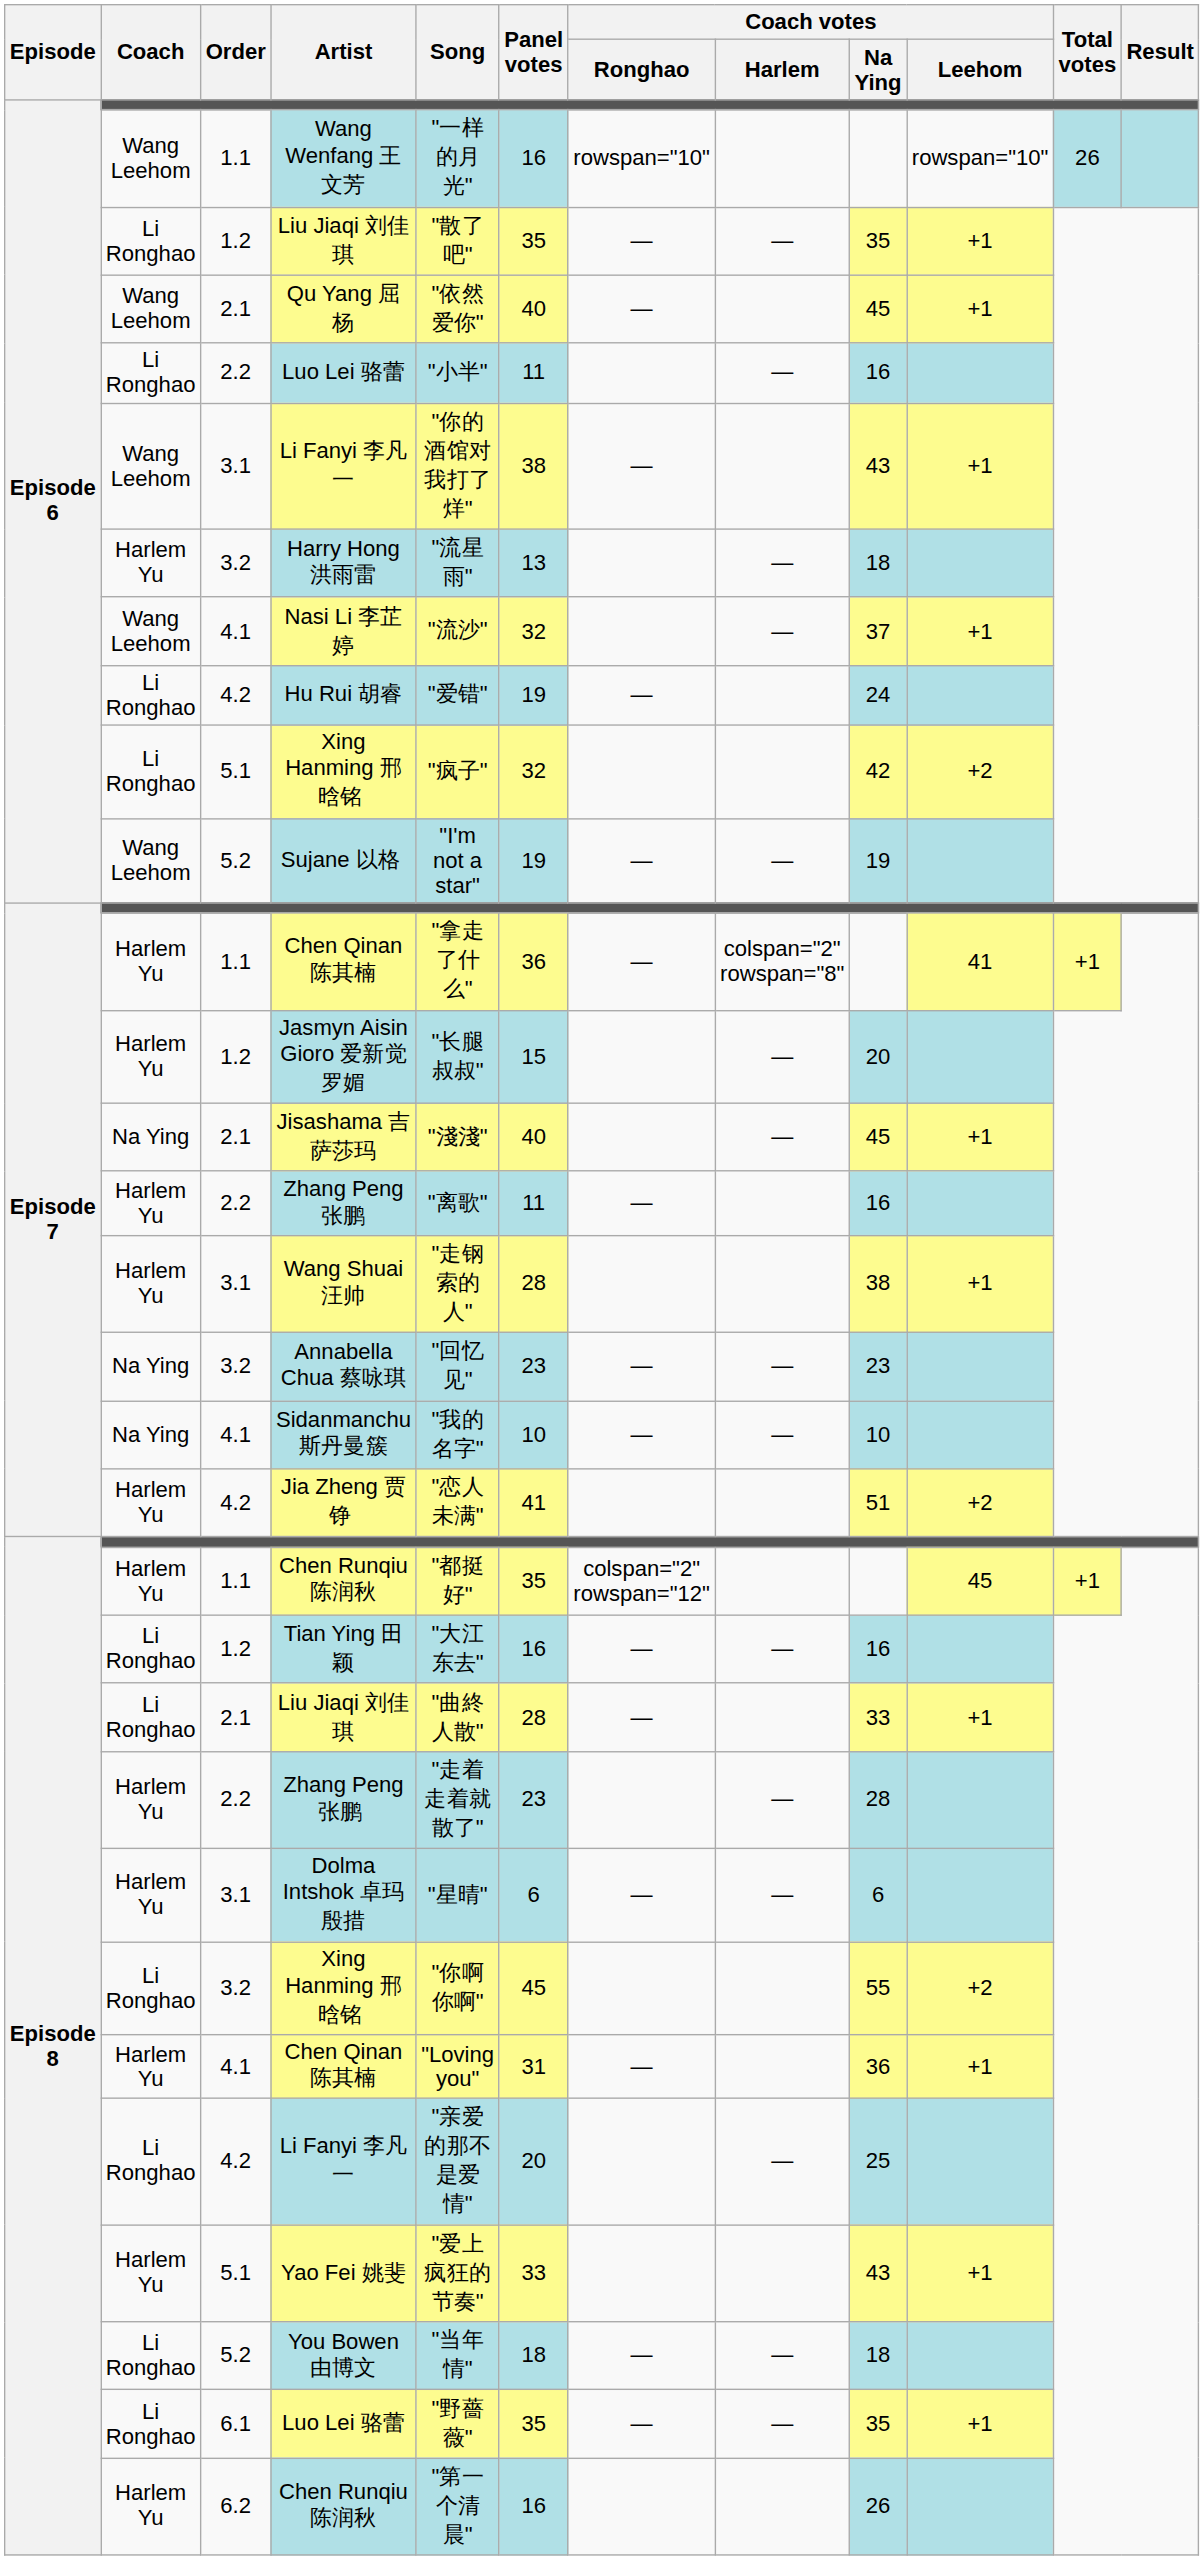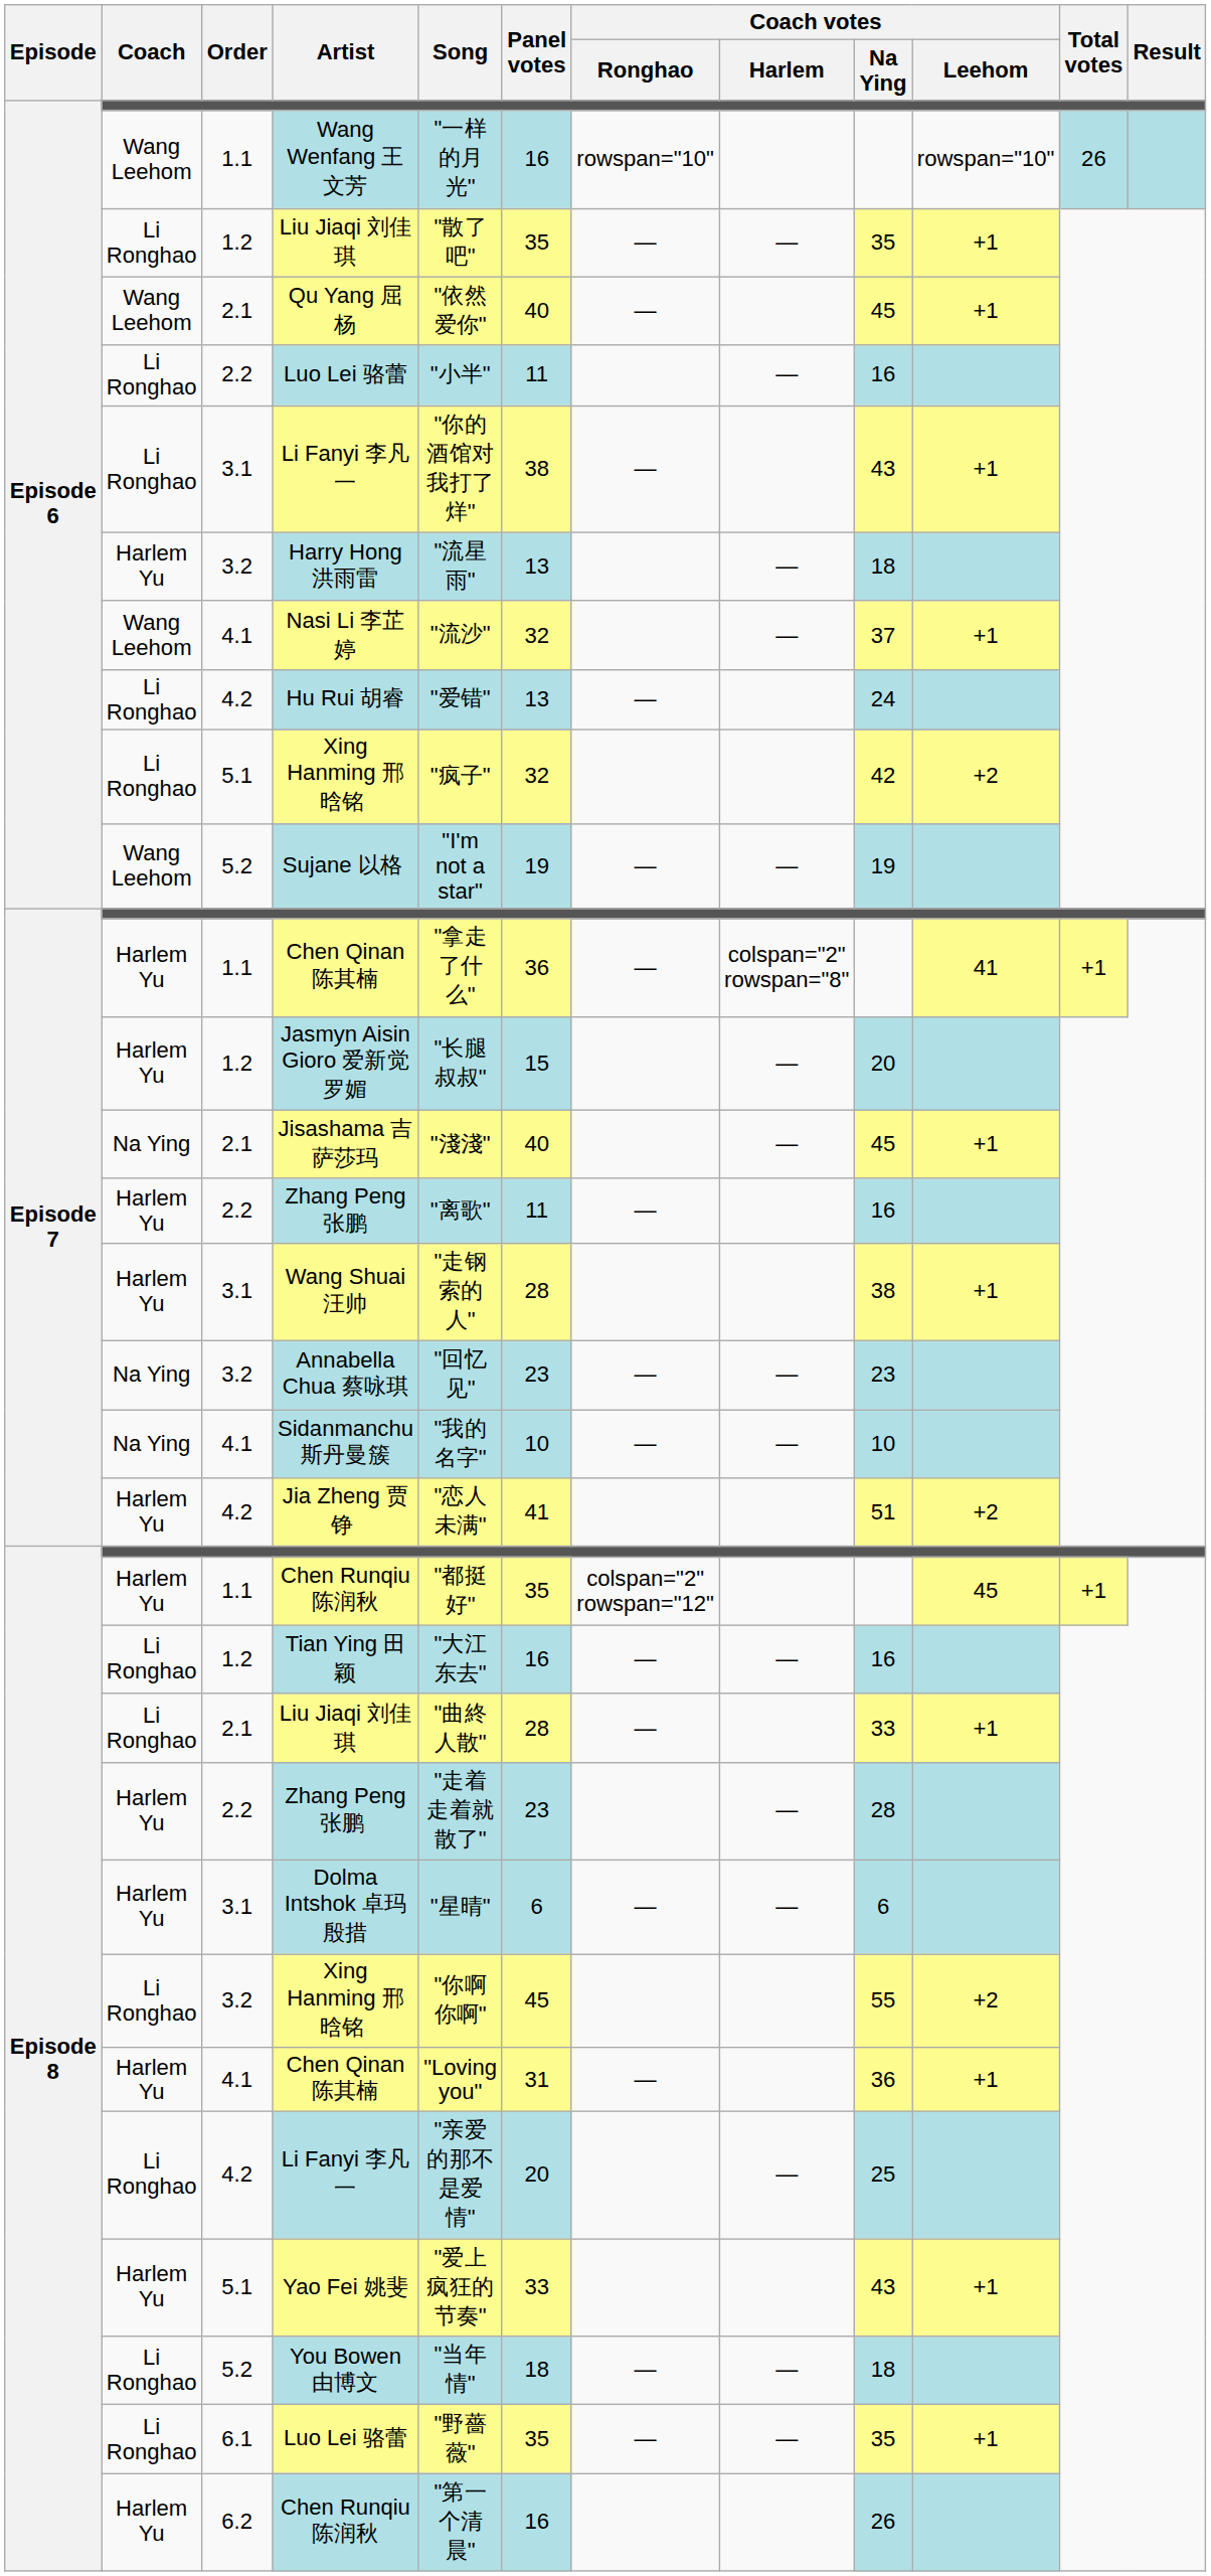 <table class="wikitable" style="text-align:center; width:100%;">
 <tr>
 <th rowspan=2 style="width:10%;">Episode</th>
 <th rowspan=2 style="width:11%;">Coach</th>
 <th rowspan=2 style="width:3%;">Order</th>
 <th rowspan=2 style="width:16%;">Artist</th>
 <th rowspan=2 style="width:19%;">Song</th>
 <th rowspan=2 style="width:5%;">Panel votes</th>
 <th colspan="4" style="width:20%;">Coach votes</th>
 <th rowspan=2 style="width:6%;">Total votes</th>
 <th rowspan=2 style="width:10%;">Result</th>
 </tr>
 <tr>
 <th style="width:5%;">Ronghao</th>
 <th style="width:5%;">Harlem</th>
 <th style="width:5%;">Na Ying</th>
 <th style="width:5%;">Leehom</th>
 </tr>
 <tr>
 <th rowspan="11" scope="row">Episode 6<br><small></small></th>
 <td colspan="11" style="background:#555;"></td>
 </tr>
 <tr>
 <td>Wang Leehom</td>
 <td>1.1</td>
 <td style="background:#B0E0E6">Wang Wenfang 王文芳<strong></strong></td>
 <td style="background:#B0E0E6">"一样的月光"</td>
 <td style="background:#B0E0E6">16</td>
 <td>rowspan="10" </td>
 <td><strong></strong></td>
 <td><strong></strong></td>
 <td>rowspan="10" </td>
 <td style="background:#B0E0E6">26</td>
 <td style="background:#B0E0E6"></td>
 </tr>
 <tr>
 <td>Li Ronghao</td>
 <td>1.2</td>
 <td style="background:#FDFC8F">Liu Jiaqi 刘佳琪<strong></strong></td>
 <td style="background:#FDFC8F">"散了吧"</td>
 <td style="background:#FDFC8F">35</td>
 <td>—</td>
 <td>—</td>
 <td style="background:#FDFC8F">35</td>
 <td style="background:#FDFC8F">+1</td>
 </tr>
 <tr>
 <td>Wang Leehom</td>
 <td>2.1</td>
 <td style="background:#FDFC8F">Qu Yang 屈杨<strong></strong></td>
 <td style="background:#FDFC8F">"依然爱你"</td>
 <td style="background:#FDFC8F">40</td>
 <td>—</td>
 <td><strong></strong></td>
 <td style="background:#FDFC8F">45</td>
 <td style="background:#FDFC8F">+1</td>
 </tr>
 <tr>
 <td>Li Ronghao</td>
 <td>2.2</td>
 <td style="background:#B0E0E6">Luo Lei 骆蕾<strong></strong></td>
 <td style="background:#B0E0E6">"小半"</td>
 <td style="background:#B0E0E6">11</td>
 <td><strong></strong></td>
 <td>—</td>
 <td style="background:#B0E0E6">16</td>
 <td style="background:#B0E0E6"></td>
 </tr>
 <tr>
-<td>Wang Leehom</td>
+<td>Li Ronghao</td>
 <td>3.1</td>
 <td style="background:#FDFC8F">Li Fanyi 李凡一<strong></strong></td>
 <td style="background:#FDFC8F">"你的酒馆对我打了烊"</td>
 <td style="background:#FDFC8F">38</td>
 <td>—</td>
 <td><strong></strong></td>
 <td style="background:#FDFC8F">43</td>
 <td style="background:#FDFC8F">+1</td>
 </tr>
 <tr>
 <td>Harlem Yu</td>
 <td>3.2</td>
 <td style="background:#B0E0E6">Harry Hong 洪雨雷<strong></strong></td>
 <td style="background:#B0E0E6">"流星雨"</td>
 <td style="background:#B0E0E6">13</td>
 <td><strong></strong></td>
 <td>—</td>
 <td style="background:#B0E0E6">18</td>
 <td style="background:#B0E0E6"></td>
 </tr>
 <tr>
 <td>Wang Leehom</td>
 <td>4.1</td>
 <td style="background:#FDFC8F">Nasi Li 李芷婷<strong></strong></td>
 <td style="background:#FDFC8F">"流沙"</td>
 <td style="background:#FDFC8F">32</td>
 <td><strong></strong></td>
 <td>—</td>
 <td style="background:#FDFC8F">37</td>
 <td style="background:#FDFC8F">+1</td>
 </tr>
 <tr>
 <td>Li Ronghao</td>
 <td>4.2</td>
 <td style="background:#B0E0E6">Hu Rui 胡睿<strong></strong></td>
 <td style="background:#B0E0E6">"爱错"</td>
-<td style="background:#B0E0E6">19</td>
+<td style="background:#B0E0E6">13</td>
 <td>—</td>
 <td><strong></strong></td>
 <td style="background:#B0E0E6">24</td>
 <td style="background:#B0E0E6"></td>
 </tr>
 <tr>
 <td>Li Ronghao</td>
 <td>5.1</td>
 <td style="background:#FDFC8F">Xing Hanming 邢晗铭 <strong></strong></td>
 <td style="background:#FDFC8F">"疯子"</td>
 <td style="background:#FDFC8F">32</td>
 <td><strong></strong></td>
 <td><strong></strong></td>
 <td style="background:#FDFC8F">42</td>
 <td style="background:#FDFC8F">+2</td>
 </tr>
 <tr>
 <td>Wang Leehom</td>
 <td>5.2</td>
 <td style="background:#B0E0E6">Sujane 以格 <strong></strong></td>
 <td style="background:#B0E0E6">"I'm not a star"</td>
 <td style="background:#B0E0E6">19</td>
 <td>—</td>
 <td>—</td>
 <td style="background:#B0E0E6">19</td>
 <td style="background:#B0E0E6"></td>
 </tr>
 <tr>
 <th rowspan="9" scope="row">Episode 7<br><small></small></th>
 <td colspan="11" style="background:#555;"></td>
 </tr>
 <tr>
 <td>Harlem Yu</td>
 <td>1.1</td>
 <td style="background:#FDFC8F">Chen Qinan 陈其楠<strong></strong></td>
 <td style="background:#FDFC8F">"拿走了什么"</td>
 <td style="background:#FDFC8F">36</td>
 <td>—</td>
 <td>colspan="2" rowspan="8" </td>
 <td><strong></strong></td>
 <td style="background:#FDFC8F">41</td>
 <td style="background:#FDFC8F">+1</td>
 </tr>
 <tr>
 <td>Harlem Yu</td>
 <td>1.2</td>
 <td style="background:#B0E0E6">Jasmyn Aisin Gioro 爱新觉罗媚<strong></strong></td>
 <td style="background:#B0E0E6">"长腿叔叔"</td>
 <td style="background:#B0E0E6">15</td>
 <td><strong></strong></td>
 <td>—</td>
 <td style="background:#B0E0E6">20</td>
 <td style="background:#B0E0E6"></td>
 </tr>
 <tr>
 <td>Na Ying</td>
 <td>2.1</td>
 <td style="background:#FDFC8F">Jisashama 吉萨莎玛<strong></strong></td>
 <td style="background:#FDFC8F">"淺淺"</td>
 <td style="background:#FDFC8F">40</td>
 <td><strong></strong></td>
 <td>—</td>
 <td style="background:#FDFC8F">45</td>
 <td style="background:#FDFC8F">+1</td>
 </tr>
 <tr>
 <td>Harlem Yu</td>
 <td>2.2</td>
 <td style="background:#B0E0E6">Zhang Peng 张鹏<strong></strong></td>
 <td style="background:#B0E0E6">"离歌"</td>
 <td style="background:#B0E0E6">11</td>
 <td>—</td>
 <td><strong></strong></td>
 <td style="background:#B0E0E6">16</td>
 <td style="background:#B0E0E6"></td>
 </tr>
 <tr>
 <td>Harlem Yu</td>
 <td>3.1</td>
 <td style="background:#FDFC8F">Wang Shuai 汪帅<strong></strong></td>
 <td style="background:#FDFC8F">"走钢索的人"</td>
 <td style="background:#FDFC8F">28</td>
 <td><strong></strong></td>
 <td><strong></strong></td>
 <td style="background:#FDFC8F">38</td>
 <td style="background:#FDFC8F">+1</td>
 </tr>
 <tr>
 <td>Na Ying</td>
 <td>3.2</td>
 <td style="background:#B0E0E6">Annabella Chua 蔡咏琪<strong></strong></td>
 <td style="background:#B0E0E6">"回忆见"</td>
 <td style="background:#B0E0E6">23</td>
 <td>—</td>
 <td>—</td>
 <td style="background:#B0E0E6">23</td>
 <td style="background:#B0E0E6"></td>
 </tr>
 <tr>
 <td>Na Ying</td>
 <td>4.1</td>
 <td style="background:#B0E0E6">Sidanmanchu 斯丹曼簇<strong></strong></td>
 <td style="background:#B0E0E6">"我的名字"</td>
 <td style="background:#B0E0E6">10</td>
 <td>—</td>
 <td>—</td>
 <td style="background:#B0E0E6">10</td>
 <td style="background:#B0E0E6"></td>
 </tr>
 <tr>
 <td>Harlem Yu</td>
 <td>4.2</td>
 <td style="background:#FDFC8F">Jia Zheng 贾铮 <strong></strong></td>
 <td style="background:#FDFC8F">"恋人未满"</td>
 <td style="background:#FDFC8F">41</td>
 <td><strong></strong></td>
 <td><strong></strong></td>
 <td style="background:#FDFC8F">51</td>
 <td style="background:#FDFC8F">+2</td>
 </tr>
 <tr>
 <th rowspan="17" scope="row">Episode 8<br><small></small></th>
 <td colspan="11" style="background:#555;"></td>
 </tr>
 <tr>
 <td>Harlem Yu</td>
 <td>1.1</td>
 <td style="background:#FDFC8F">Chen Runqiu 陈润秋<strong></strong></td>
 <td style="background:#FDFC8F">"都挺好"</td>
 <td style="background:#FDFC8F">35</td>
 <td>colspan="2" rowspan="12" </td>
 <td><strong></strong></td>
 <td><strong></strong></td>
 <td style="background:#FDFC8F">45</td>
 <td style="background:#FDFC8F">+1</td>
 </tr>
 <tr>
 <td>Li Ronghao</td>
 <td>1.2</td>
 <td style="background:#B0E0E6">Tian Ying 田颖<strong></strong></td>
 <td style="background:#B0E0E6">"大江东去"</td>
 <td style="background:#B0E0E6">16</td>
 <td>—</td>
 <td>—</td>
 <td style="background:#B0E0E6">16</td>
 <td style="background:#B0E0E6"></td>
 </tr>
 <tr>
 <td>Li Ronghao</td>
 <td>2.1</td>
 <td style="background:#FDFC8F">Liu Jiaqi 刘佳琪<strong></strong></td>
 <td style="background:#FDFC8F">"曲終人散"</td>
 <td style="background:#FDFC8F">28</td>
 <td>—</td>
 <td><strong></strong></td>
 <td style="background:#FDFC8F">33</td>
 <td style="background:#FDFC8F">+1</td>
 </tr>
 <tr>
 <td>Harlem Yu</td>
 <td>2.2</td>
 <td style="background:#B0E0E6">Zhang Peng 张鹏 <strong></strong></td>
 <td style="background:#B0E0E6">"走着走着就散了"</td>
 <td style="background:#B0E0E6">23</td>
 <td><strong></strong></td>
 <td>—</td>
 <td style="background:#B0E0E6">28</td>
 <td style="background:#B0E0E6"></td>
 </tr>
 <tr>
 <td>Harlem Yu</td>
 <td>3.1</td>
 <td style="background:#B0E0E6">Dolma Intshok 卓玛殷措<strong></strong></td>
 <td style="background:#B0E0E6">"星晴"</td>
 <td style="background:#B0E0E6">6</td>
 <td>—</td>
 <td>—</td>
 <td style="background:#B0E0E6">6</td>
 <td style="background:#B0E0E6"></td>
 </tr>
 <tr>
 <td>Li Ronghao</td>
 <td>3.2</td>
 <td style="background:#FDFC8F">Xing Hanming 邢晗铭 <strong></strong></td>
 <td style="background:#FDFC8F">"你啊你啊"</td>
 <td style="background:#FDFC8F">45</td>
 <td><strong></strong></td>
 <td><strong></strong></td>
 <td style="background:#FDFC8F">55</td>
 <td style="background:#FDFC8F">+2</td>
 </tr>
 <tr>
 <td>Harlem Yu</td>
 <td>4.1</td>
 <td style="background:#FDFC8F">Chen Qinan 陈其楠<strong></strong></td>
 <td style="background:#FDFC8F">"Loving you"</td>
 <td style="background:#FDFC8F">31</td>
 <td>—</td>
 <td><strong></strong></td>
 <td style="background:#FDFC8F">36</td>
 <td style="background:#FDFC8F">+1</td>
 </tr>
 <tr>
 <td>Li Ronghao</td>
 <td>4.2</td>
 <td style="background:#B0E0E6">Li Fanyi 李凡一<strong></strong></td>
 <td style="background:#B0E0E6">"亲爱的那不是爱情"</td>
 <td style="background:#B0E0E6">20</td>
 <td><strong></strong></td>
 <td>—</td>
 <td style="background:#B0E0E6">25</td>
 <td style="background:#B0E0E6"></td>
 </tr>
 <tr>
 <td>Harlem Yu</td>
 <td>5.1</td>
 <td style="background:#FDFC8F">Yao Fei 姚斐<strong></strong></td>
 <td style="background:#FDFC8F">"爱上疯狂的节奏"</td>
 <td style="background:#FDFC8F">33</td>
 <td><strong></strong></td>
 <td><strong></strong></td>
 <td style="background:#FDFC8F">43</td>
 <td style="background:#FDFC8F">+1</td>
 </tr>
 <tr>
 <td>Li Ronghao</td>
 <td>5.2</td>
 <td style="background:#B0E0E6">You Bowen 由博文<strong></strong></td>
 <td style="background:#B0E0E6">"当年情"</td>
 <td style="background:#B0E0E6">18</td>
 <td>—</td>
 <td>—</td>
 <td style="background:#B0E0E6">18</td>
 <td style="background:#B0E0E6"></td>
 </tr>
 <tr>
 <td>Li Ronghao</td>
 <td>6.1</td>
 <td style="background:#FDFC8F">Luo Lei 骆蕾<strong></strong></td>
 <td style="background:#FDFC8F">"野薔薇"</td>
 <td style="background:#FDFC8F">35</td>
 <td>—</td>
 <td>—</td>
 <td style="background:#FDFC8F">35</td>
 <td style="background:#FDFC8F">+1</td>
 </tr>
 <tr>
 <td>Harlem Yu</td>
 <td>6.2</td>
 <td style="background:#B0E0E6">Chen Runqiu 陈润秋<strong></strong></td>
 <td style="background:#B0E0E6">"第一个清晨"</td>
 <td style="background:#B0E0E6">16</td>
 <td><strong></strong></td>
 <td><strong></strong></td>
 <td style="background:#B0E0E6">26</td>
 <td style="background:#B0E0E6"></td>
 </tr>
 </table>
